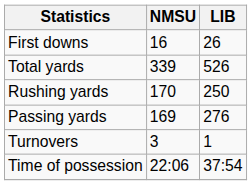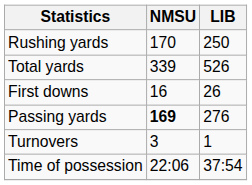 <table class="wikitable" style="float: left;">
 <tr>
 <th>Statistics</th>
 <th>NMSU</th>
 <th>LIB</th>
 </tr>
 <tr>
-<td>First downs</td>
-<td>16</td>
-<td>26</td>
+<td>Rushing yards</td>
+<td>170</td>
+<td>250</td>
 </tr>
 <tr>
 <td>Total yards</td>
 <td>339</td>
 <td>526</td>
 </tr>
 <tr>
-<td>Rushing yards</td>
-<td>170</td>
-<td>250</td>
+<td>First downs</td>
+<td>16</td>
+<td>26</td>
 </tr>
 <tr>
 <td>Passing yards</td>
-<td>169</td>
+<td><strong>169</strong></td>
 <td>276</td>
 </tr>
 <tr>
 <td>Turnovers</td>
 <td>3</td>
 <td>1</td>
 </tr>
 <tr>
 <td>Time of possession</td>
 <td>22:06</td>
 <td>37:54</td>
 </tr>
 <tr>
 </tr>
 </table>
